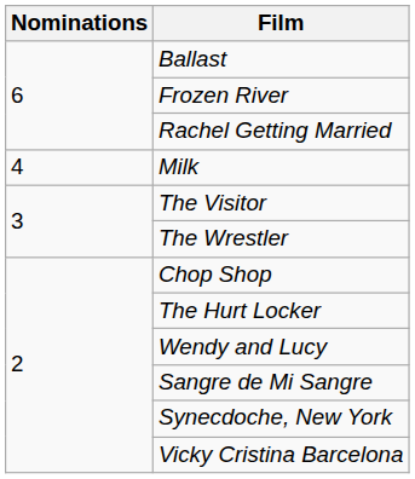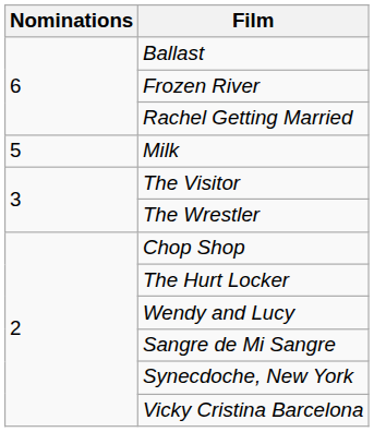 <table class="wikitable">
 <tr>
 <th>Nominations</th>
 <th>Film</th>
 </tr>
 <tr>
 <td rowspan="3">6</td>
 <td><em>Ballast</em></td>
 </tr>
 <tr>
 <td><em>Frozen River</em></td>
 </tr>
 <tr>
 <td><em>Rachel Getting Married</em></td>
 </tr>
 <tr>
-<td>4</td>
+<td>5</td>
 <td><em>Milk</em></td>
 </tr>
 <tr>
 <td rowspan="2">3</td>
 <td><em>The Visitor</em></td>
 </tr>
 <tr>
 <td><em>The Wrestler</em></td>
 </tr>
 <tr>
 <td rowspan="6">2</td>
 <td><em>Chop Shop</em></td>
 </tr>
 <tr>
 <td><em>The Hurt Locker</em></td>
 </tr>
 <tr>
 <td><em>Wendy and Lucy</em></td>
 </tr>
 <tr>
 <td><em>Sangre de Mi Sangre</em></td>
 </tr>
 <tr>
 <td><em>Synecdoche, New York</em></td>
 </tr>
 <tr>
 <td><em>Vicky Cristina Barcelona</em></td>
 </tr>
 </table>
